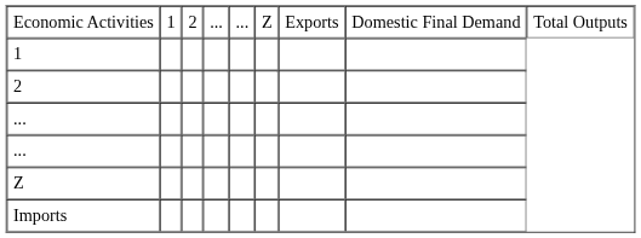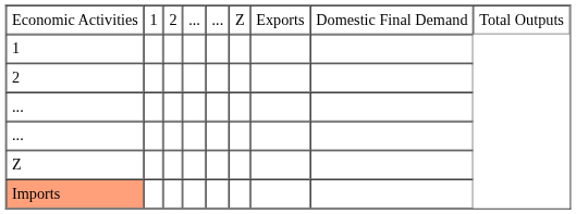 <table border="1" cellpadding="5" cellspacing="0" align="center">
 <tr>
 <td>Economic Activities</td>
 <td>1</td>
 <td>2</td>
 <td>...</td>
 <td>...</td>
 <td>Z</td>
 <td>Exports</td>
 <td>Domestic Final Demand</td>
 <td>Total Outputs</td>
 </tr>
 <tr>
 <td>1</td>
 <td></td>
 <td></td>
 <td></td>
 <td></td>
 <td></td>
 <td></td>
 <td></td>
 </tr>
 <tr>
 <td>2</td>
 <td></td>
 <td></td>
 <td></td>
 <td></td>
 <td></td>
 <td></td>
 <td></td>
 </tr>
 <tr>
 <td>...</td>
 <td></td>
 <td></td>
 <td></td>
 <td></td>
 <td></td>
 <td></td>
 <td></td>
 </tr>
 <tr>
 <td>...</td>
 <td></td>
 <td></td>
 <td></td>
 <td></td>
 <td></td>
 <td></td>
 <td></td>
 </tr>
 <tr>
 <td>Z</td>
 <td></td>
 <td></td>
 <td></td>
 <td></td>
 <td></td>
 <td></td>
 <td></td>
 </tr>
 <tr>
-<td>Imports</td>
+<td style="background: lightsalmon;">Imports</td>
 <td></td>
 <td></td>
 <td></td>
 <td></td>
 <td></td>
 <td></td>
 <td></td>
 </tr>
 </table>
